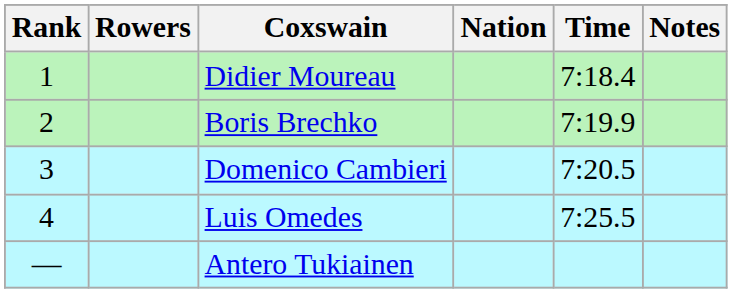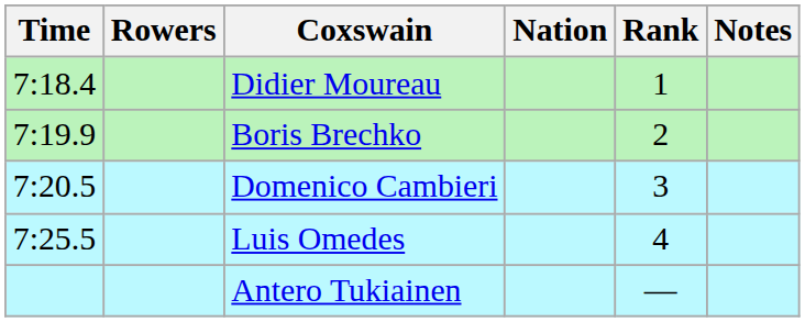 <table class="wikitable sortable" style="text-align:center">
 <tr>
-<th>Rank</th>
+<th>Time</th>
 <th>Rowers</th>
 <th>Coxswain</th>
 <th>Nation</th>
-<th>Time</th>
+<th>Rank</th>
 <th>Notes</th>
 </tr>
 <tr bgcolor=bbf3bb>
-<td>1</td>
+<td>7:18.4</td>
 <td align=left></td>
 <td align=left><a href='#'>Didier Moureau</a></td>
 <td align=left></td>
-<td>7:18.4</td>
+<td>1</td>
 <td></td>
 </tr>
 <tr bgcolor=bbf3bb>
-<td>2</td>
+<td>7:19.9</td>
 <td align=left></td>
 <td align=left><a href='#'>Boris Brechko</a></td>
 <td align=left></td>
-<td>7:19.9</td>
+<td>2</td>
 <td></td>
 </tr>
 <tr bgcolor=bbf9ff>
-<td>3</td>
+<td>7:20.5</td>
 <td align=left></td>
 <td align=left><a href='#'>Domenico Cambieri</a></td>
 <td align=left></td>
-<td>7:20.5</td>
+<td>3</td>
 <td></td>
 </tr>
 <tr bgcolor=bbf9ff>
-<td>4</td>
+<td>7:25.5</td>
 <td align=left></td>
 <td align=left><a href='#'>Luis Omedes</a></td>
 <td align=left></td>
-<td>7:25.5</td>
+<td>4</td>
 <td></td>
 </tr>
 <tr bgcolor=bbf9ff>
-<td data-sort-value=5>—</td>
+<td data-sort-value=9:99.99></td>
 <td align=left></td>
 <td align=left><a href='#'>Antero Tukiainen</a></td>
 <td align=left></td>
-<td data-sort-value=9:99.99></td>
+<td data-sort-value=5>—</td>
 <td></td>
 </tr>
 </table>
